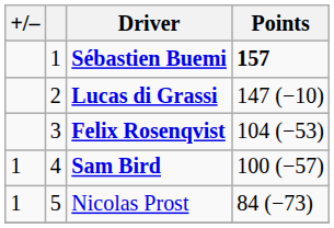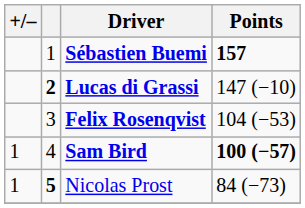 <table class="wikitable" style="font-size: 85%">
 <tr>
 <th scope="col">+/–</th>
 <th scope="col"></th>
 <th scope="col">Driver</th>
 <th scope="col">Points</th>
 </tr>
 <tr>
 <td align="left"></td>
 <td align="center">1</td>
 <td> <strong><a href='#'>Sébastien Buemi</a></strong></td>
 <td align="left"><strong>157</strong></td>
 </tr>
 <tr>
 <td align="left"></td>
-<td align="center">2</td>
+<td align="center"><strong>2</strong></td>
 <td> <strong><a href='#'>Lucas di Grassi</a></strong></td>
 <td align="left">147 (−10)</td>
 </tr>
 <tr>
 <td align="left"></td>
 <td align="center">3</td>
 <td> <strong><a href='#'>Felix Rosenqvist</a></strong></td>
 <td align="left">104 (−53)</td>
 </tr>
 <tr>
 <td align="left"> 1</td>
 <td align="center">4</td>
 <td> <strong><a href='#'>Sam Bird</a></strong></td>
-<td align="left">100 (−57)</td>
+<td align="left"><strong>100 (−57)</strong></td>
 </tr>
 <tr>
 <td align="left"> 1</td>
-<td align="center">5</td>
+<td align="center"><strong>5</strong></td>
 <td> <a href='#'>Nicolas Prost</a></td>
 <td align="left">84 (−73)</td>
 </tr>
 <tr>
 </tr>
 </table>
